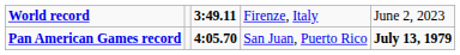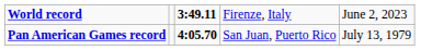 <table class="wikitable">
 <tr>
 <td><strong><a href='#'>World record</a></strong></td>
 <td></td>
 <td><strong>3:49.11</strong></td>
 <td><a href='#'>Firenze</a>, <a href='#'>Italy</a></td>
 <td>June 2, 2023</td>
 </tr>
 <tr>
 <td><strong><a href='#'>Pan American Games record</a></strong></td>
 <td></td>
 <td><strong>4:05.70</strong></td>
 <td><a href='#'>San Juan</a>, <a href='#'>Puerto Rico</a></td>
-<td><strong>July 13, 1979</strong></td>
+<td>July 13, 1979</td>
 </tr>
 </table>
